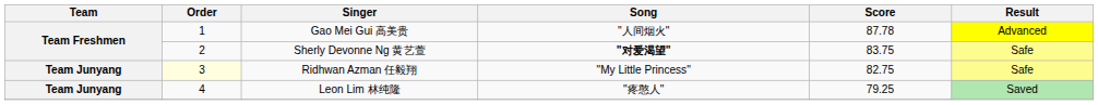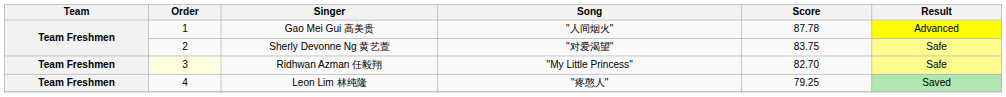 <table class="wikitable" style="text-align:center; width:100%;">
 <tr>
 <th style="width:10%;">Team</th>
 <th style="width:05%;">Order</th>
 <th style="width:15%;">Singer</th>
 <th style="width:21%;">Song</th>
 <th style="width:9%;">Score</th>
 <th style="width:9%;">Result</th>
 </tr>
 <tr>
 <th rowspan=2>Team Freshmen</th>
 <td>1</td>
 <td>Gao Mei Gui 高美贵</td>
 <td>"人间烟火"</td>
 <td>87.78</td>
 <td style="background:yellow">Advanced</td>
 </tr>
 <tr>
 <td>2</td>
 <td>Sherly Devonne Ng 黄艺萱</td>
-<td><strong>"对爱渴望"</strong></td>
+<td>"对爱渴望"</td>
 <td>83.75</td>
 <td style="background:#fdfc8f">Safe</td>
 </tr>
 <tr>
-<th>Team Junyang</th>
+<th>Team Freshmen</th>
 <td style="background: lightyellow;">3</td>
 <td>Ridhwan Azman 任毅翔</td>
 <td>"My Little Princess"</td>
-<td>82.75</td>
+<td>82.70</td>
 <td style="background:#fdfc8f">Safe</td>
 </tr>
 <tr>
-<th>Team Junyang</th>
+<th>Team Freshmen</th>
 <td>4</td>
 <td>Leon Lim 林纯隆</td>
 <td>"疼憨人"</td>
 <td>79.25</td>
 <td style="background:#b0e6b0">Saved</td>
 </tr>
 <tr>
 </tr>
 </table>
